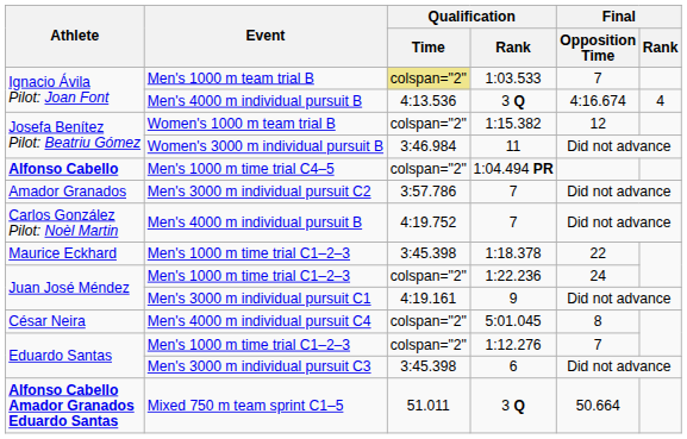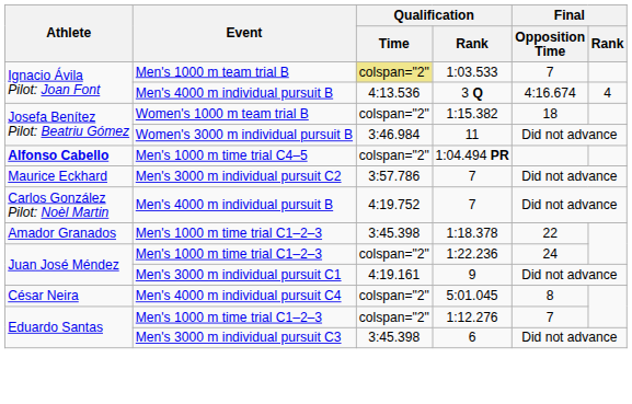 <table class=wikitable style="font-size:90%">
 <tr>
 <th rowspan="2">Athlete</th>
 <th rowspan="2">Event</th>
 <th colspan="2">Qualification</th>
 <th colspan="2">Final</th>
 </tr>
 <tr>
 <th>Time</th>
 <th>Rank</th>
 <th>Opposition<br>Time</th>
 <th>Rank</th>
 </tr>
 <tr align=center>
 <td align=left rowspan=2><a href='#'>Ignacio Ávila</a><br><em>Pilot: <a href='#'>Joan Font</a></em></td>
 <td align=left><a href='#'>Men's 1000 m team trial B</a></td>
 <td style="background: khaki;">colspan="2" </td>
 <td>1:03.533</td>
 <td>7</td>
 </tr>
 <tr align=center>
 <td align=left><a href='#'>Men's 4000 m individual pursuit B</a></td>
 <td>4:13.536</td>
 <td>3 <strong>Q</strong></td>
 <td>4:16.674</td>
 <td>4</td>
 </tr>
 <tr align=center>
 <td align=left rowspan=2><a href='#'>Josefa Benítez</a><br><em>Pilot: <a href='#'>Beatriu Gómez</a></em></td>
 <td align=left><a href='#'>Women's 1000 m team trial B</a></td>
 <td>colspan="2" </td>
 <td>1:15.382</td>
-<td>12</td>
+<td>18</td>
 </tr>
 <tr align=center>
 <td align=left><a href='#'>Women's 3000 m individual pursuit B</a></td>
 <td>3:46.984</td>
 <td>11</td>
 <td colspan=2>Did not advance</td>
 </tr>
 <tr align=center>
 <td align=left><strong><a href='#'>Alfonso Cabello</a></strong></td>
 <td align=left><a href='#'>Men's 1000 m time trial C4–5</a></td>
 <td>colspan="2" </td>
 <td>1:04.494 <strong>PR</strong></td>
 <td></td>
 </tr>
 <tr align=center>
-<td align=left><a href='#'>Amador Granados</a></td>
+<td align=left><a href='#'>Maurice Eckhard</a></td>
 <td align=left><a href='#'>Men's 3000 m individual pursuit C2</a></td>
 <td>3:57.786</td>
 <td>7</td>
 <td colspan=2>Did not advance</td>
 </tr>
 <tr align=center>
 <td align=left><a href='#'>Carlos González</a><br><em>Pilot: <a href='#'>Noèl Martin</a></em></td>
 <td align=left><a href='#'>Men's 4000 m individual pursuit B</a></td>
 <td>4:19.752</td>
 <td>7</td>
 <td colspan=2>Did not advance</td>
 </tr>
 <tr align=center>
-<td align=left><a href='#'>Maurice Eckhard</a></td>
+<td align=left><a href='#'>Amador Granados</a></td>
 <td align=left><a href='#'>Men's 1000 m time trial C1–2–3</a></td>
 <td>3:45.398</td>
 <td>1:18.378</td>
 <td>22</td>
 </tr>
 <tr align=center>
 <td align=left rowspan="2"><a href='#'>Juan José Méndez</a></td>
 <td align=left><a href='#'>Men's 1000 m time trial C1–2–3</a></td>
 <td>colspan="2" </td>
 <td>1:22.236</td>
 <td>24</td>
 </tr>
 <tr align=center>
 <td align=left><a href='#'>Men's 3000 m individual pursuit C1</a></td>
 <td>4:19.161</td>
 <td>9</td>
 <td colspan=2>Did not advance</td>
 </tr>
 <tr align=center>
 <td align=left><a href='#'>César Neira</a></td>
 <td align=left><a href='#'>Men's 4000 m individual pursuit C4</a></td>
 <td>colspan="2" </td>
 <td>5:01.045</td>
 <td>8</td>
 </tr>
 <tr align=center>
 <td align=left rowspan="2"><a href='#'>Eduardo Santas</a></td>
 <td align=left><a href='#'>Men's 1000 m time trial C1–2–3</a></td>
 <td>colspan="2" </td>
 <td>1:12.276</td>
 <td>7</td>
 </tr>
 <tr align=center>
 <td align=left><a href='#'>Men's 3000 m individual pursuit C3</a></td>
 <td>3:45.398</td>
 <td>6</td>
 <td colspan=2>Did not advance</td>
 </tr>
-<tr align=center>
-<td align=left><strong><a href='#'>Alfonso Cabello</a><br><a href='#'>Amador Granados</a><br><a href='#'>Eduardo Santas</a></strong></td>
-<td align=left><a href='#'>Mixed 750 m team sprint C1–5</a></td>
-<td>51.011</td>
-<td>3 <strong>Q</strong></td>
-<td>50.664</td>
-<td></td>
-</tr>
 </table>
